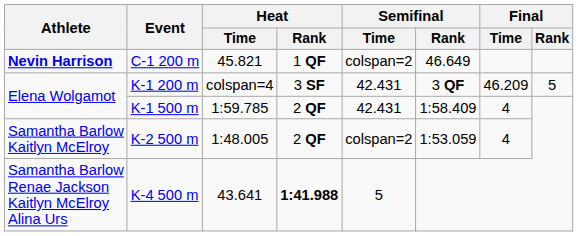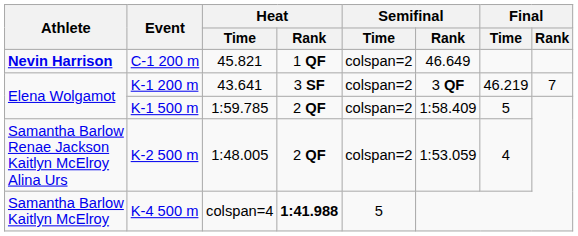 <table class=wikitable style=font-size:90%;text-align:center>
 <tr>
 <th rowspan=2>Athlete</th>
 <th rowspan=2>Event</th>
 <th colspan=2>Heat</th>
 <th colspan=2>Semifinal</th>
 <th colspan=2>Final</th>
 </tr>
 <tr style=font-size:95%>
 <th>Time</th>
 <th>Rank</th>
 <th>Time</th>
 <th>Rank</th>
 <th>Time</th>
 <th>Rank</th>
 </tr>
 <tr>
 <td align=left><strong><a href='#'>Nevin Harrison</a></strong></td>
 <td align=left><a href='#'>C-1 200 m</a></td>
 <td>45.821</td>
 <td>1 <strong>QF</strong></td>
 <td>colspan=2 </td>
 <td>46.649</td>
 <td></td>
 </tr>
 <tr>
 <td align=left rowspan=2><a href='#'>Elena Wolgamot</a></td>
 <td align=left><a href='#'>K-1 200 m</a></td>
-<td>colspan=4 </td>
+<td>43.641</td>
 <td>3 <strong>SF</strong></td>
-<td>42.431</td>
+<td>colspan=2 </td>
 <td>3 <strong>QF</strong></td>
-<td>46.209</td>
-<td>5</td>
+<td>46.219</td>
+<td>7</td>
 </tr>
 <tr>
 <td align=left><a href='#'>K-1 500 m</a></td>
 <td>1:59.785</td>
 <td>2 <strong>QF</strong></td>
-<td>42.431</td>
+<td>colspan=2 </td>
 <td>1:58.409</td>
-<td>4</td>
+<td>5</td>
 </tr>
 <tr>
-<td align=left><a href='#'>Samantha Barlow</a><br><a href='#'>Kaitlyn McElroy</a></td>
+<td align=left><a href='#'>Samantha Barlow</a><br><a href='#'>Renae Jackson</a><br><a href='#'>Kaitlyn McElroy</a><br><a href='#'>Alina Urs</a></td>
 <td align=left><a href='#'>K-2 500 m</a></td>
 <td>1:48.005</td>
 <td>2 <strong>QF</strong></td>
 <td>colspan=2 </td>
 <td>1:53.059</td>
 <td>4</td>
 </tr>
 <tr>
-<td align=left><a href='#'>Samantha Barlow</a><br><a href='#'>Renae Jackson</a><br><a href='#'>Kaitlyn McElroy</a><br><a href='#'>Alina Urs</a></td>
+<td align=left><a href='#'>Samantha Barlow</a><br><a href='#'>Kaitlyn McElroy</a></td>
 <td align=left><a href='#'>K-4 500 m</a></td>
-<td>43.641</td>
+<td>colspan=4 </td>
 <td><strong>1:41.988</strong></td>
 <td>5</td>
 </tr>
 </table>
